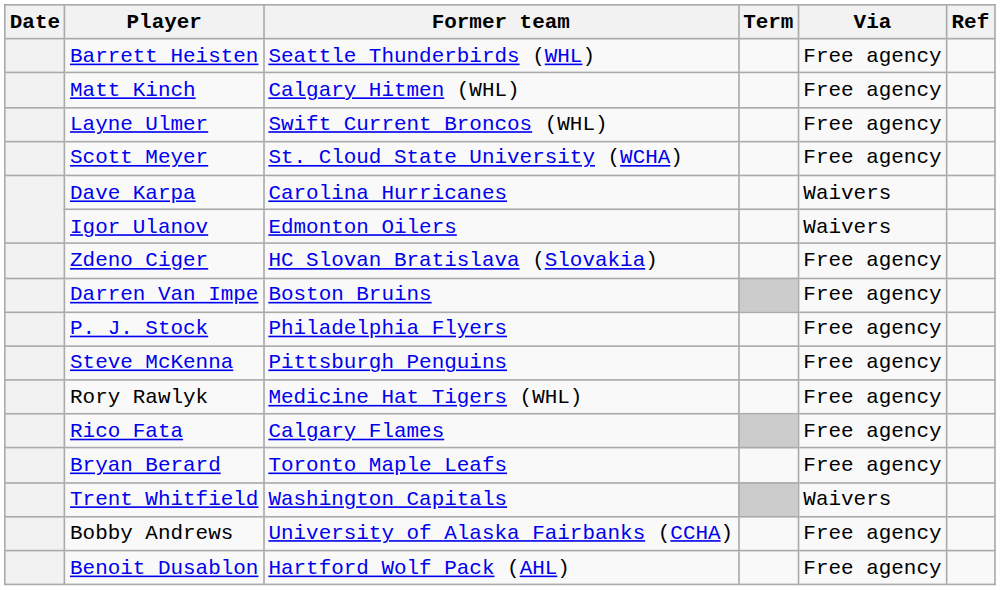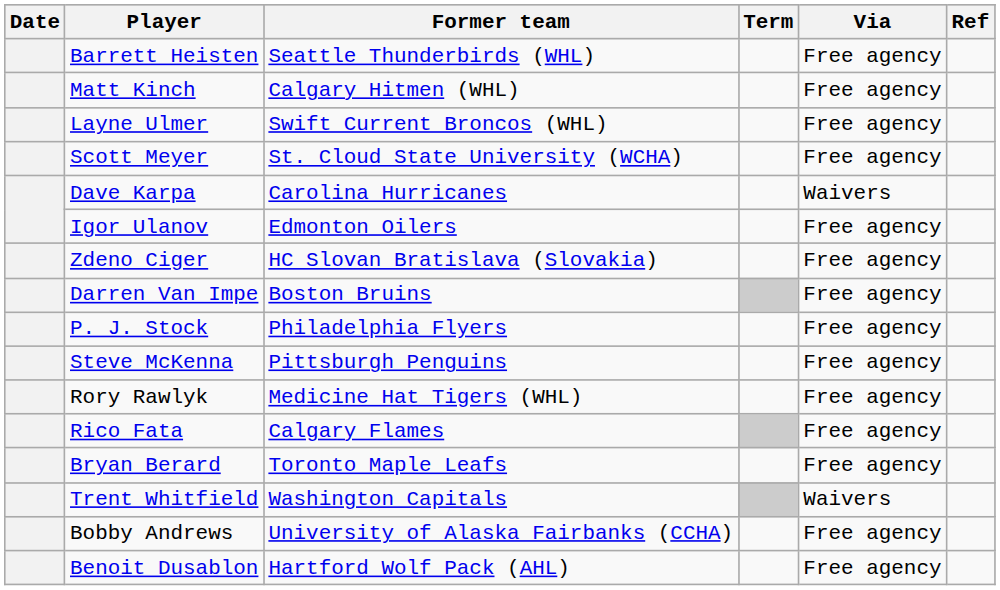 <table class="wikitable plainrowheaders">
 <tr style="background:#ddd; text-align:center;">
 <th>Date</th>
 <th>Player</th>
 <th>Former team</th>
 <th>Term</th>
 <th>Via</th>
 <th>Ref</th>
 </tr>
 <tr>
 <th scope="row"></th>
 <td><a href='#'>Barrett Heisten</a></td>
 <td><a href='#'>Seattle Thunderbirds</a> (<a href='#'>WHL</a>)</td>
 <td></td>
 <td>Free agency</td>
 <td></td>
 </tr>
 <tr>
 <th scope="row"></th>
 <td><a href='#'>Matt Kinch</a></td>
 <td><a href='#'>Calgary Hitmen</a> (WHL)</td>
 <td></td>
 <td>Free agency</td>
 <td></td>
 </tr>
 <tr>
 <th scope="row"></th>
 <td><a href='#'>Layne Ulmer</a></td>
 <td><a href='#'>Swift Current Broncos</a> (WHL)</td>
 <td></td>
 <td>Free agency</td>
 <td></td>
 </tr>
 <tr>
 <th scope="row"></th>
 <td><a href='#'>Scott Meyer</a></td>
 <td><a href='#'>St. Cloud State University</a> (<a href='#'>WCHA</a>)</td>
 <td></td>
 <td>Free agency</td>
 <td></td>
 </tr>
 <tr>
 <th scope="row" rowspan=2></th>
 <td><a href='#'>Dave Karpa</a></td>
 <td><a href='#'>Carolina Hurricanes</a></td>
 <td></td>
 <td>Waivers</td>
 <td></td>
 </tr>
 <tr>
 <td><a href='#'>Igor Ulanov</a></td>
 <td><a href='#'>Edmonton Oilers</a></td>
 <td></td>
-<td>Waivers</td>
+<td>Free agency</td>
 <td></td>
 </tr>
 <tr>
 <th scope="row"></th>
 <td><a href='#'>Zdeno Ciger</a></td>
 <td><a href='#'>HC Slovan Bratislava</a> (<a href='#'>Slovakia</a>)</td>
 <td></td>
 <td>Free agency</td>
 <td></td>
 </tr>
 <tr>
 <th scope="row"></th>
 <td><a href='#'>Darren Van Impe</a></td>
 <td><a href='#'>Boston Bruins</a></td>
 <td style="background:#ccc"></td>
 <td>Free agency</td>
 <td></td>
 </tr>
 <tr>
 <th scope="row"></th>
 <td><a href='#'>P. J. Stock</a></td>
 <td><a href='#'>Philadelphia Flyers</a></td>
 <td></td>
 <td>Free agency</td>
 <td></td>
 </tr>
 <tr>
 <th scope="row"></th>
 <td><a href='#'>Steve McKenna</a></td>
 <td><a href='#'>Pittsburgh Penguins</a></td>
 <td></td>
 <td>Free agency</td>
 <td></td>
 </tr>
 <tr>
 <th scope="row"></th>
 <td>Rory Rawlyk</td>
 <td><a href='#'>Medicine Hat Tigers</a> (WHL)</td>
 <td></td>
 <td>Free agency</td>
 <td></td>
 </tr>
 <tr>
 <th scope="row"></th>
 <td><a href='#'>Rico Fata</a></td>
 <td><a href='#'>Calgary Flames</a></td>
 <td style="background:#ccc"></td>
 <td>Free agency</td>
 <td></td>
 </tr>
 <tr>
 <th scope="row"></th>
 <td><a href='#'>Bryan Berard</a></td>
 <td><a href='#'>Toronto Maple Leafs</a></td>
 <td></td>
 <td>Free agency</td>
 <td></td>
 </tr>
 <tr>
 <th scope="row"></th>
 <td><a href='#'>Trent Whitfield</a></td>
 <td><a href='#'>Washington Capitals</a></td>
 <td style="background:#ccc"></td>
 <td>Waivers</td>
 <td></td>
 </tr>
 <tr>
 <th scope="row"></th>
 <td>Bobby Andrews</td>
 <td><a href='#'>University of Alaska Fairbanks</a> (<a href='#'>CCHA</a>)</td>
 <td></td>
 <td>Free agency</td>
 <td></td>
 </tr>
 <tr>
 <th scope="row"></th>
 <td><a href='#'>Benoit Dusablon</a></td>
 <td><a href='#'>Hartford Wolf Pack</a> (<a href='#'>AHL</a>)</td>
 <td></td>
 <td>Free agency</td>
 <td></td>
 </tr>
 </table>
